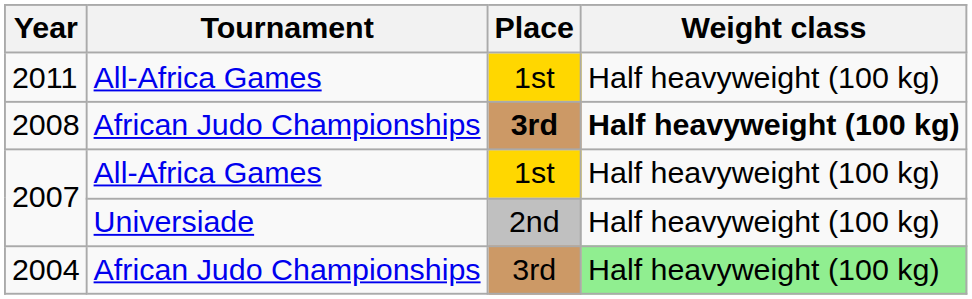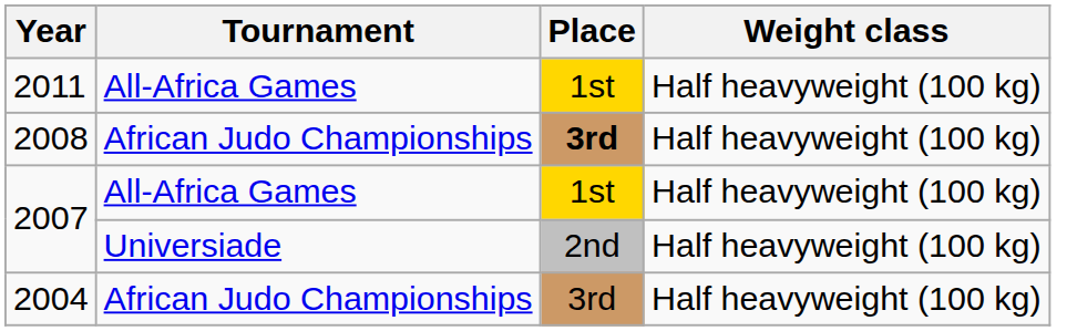 <table class=wikitable>
 <tr>
 <th>Year</th>
 <th>Tournament</th>
 <th>Place</th>
 <th>Weight class</th>
 </tr>
 <tr>
 <td>2011</td>
 <td><a href='#'>All-Africa Games</a></td>
 <td bgcolor="gold" align="center">1st</td>
 <td>Half heavyweight (100 kg)</td>
 </tr>
 <tr>
 <td>2008</td>
 <td><a href='#'>African Judo Championships</a></td>
 <td bgcolor="cc9966" align="center"><strong>3rd</strong></td>
-<td><strong>Half heavyweight (100 kg)</strong></td>
+<td>Half heavyweight (100 kg)</td>
 </tr>
 <tr>
 <td rowspan=2>2007</td>
 <td><a href='#'>All-Africa Games</a></td>
 <td bgcolor="gold" align="center">1st</td>
 <td>Half heavyweight (100 kg)</td>
 </tr>
 <tr>
 <td><a href='#'>Universiade</a></td>
 <td bgcolor="silver" align="center">2nd</td>
 <td>Half heavyweight (100 kg)</td>
 </tr>
 <tr>
 <td>2004</td>
 <td><a href='#'>African Judo Championships</a></td>
 <td bgcolor="cc9966" align="center">3rd</td>
-<td style="background: lightgreen;">Half heavyweight (100 kg)</td>
+<td>Half heavyweight (100 kg)</td>
 </tr>
 </table>
